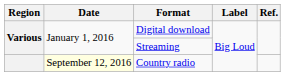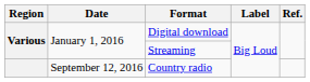 <table class="wikitable plainrowheaders">
 <tr>
 <th scope="col">Region</th>
 <th scope="col">Date</th>
 <th scope="col">Format</th>
 <th scope="col">Label</th>
 <th scope="col">Ref.</th>
 </tr>
 <tr>
 <th scope="row" rowspan="2">Various</th>
 <td rowspan="2">January 1, 2016</td>
 <td><a href='#'>Digital download</a></td>
 <td rowspan="3"><a href='#'>Big Loud</a></td>
 <td rowspan="2"></td>
 </tr>
 <tr>
 <td><a href='#'>Streaming</a></td>
 </tr>
 <tr>
 <th scope="row"></th>
-<td style="background: lightyellow;">September 12, 2016</td>
+<td>September 12, 2016</td>
 <td><a href='#'>Country radio</a></td>
 <td></td>
 </tr>
 </table>
